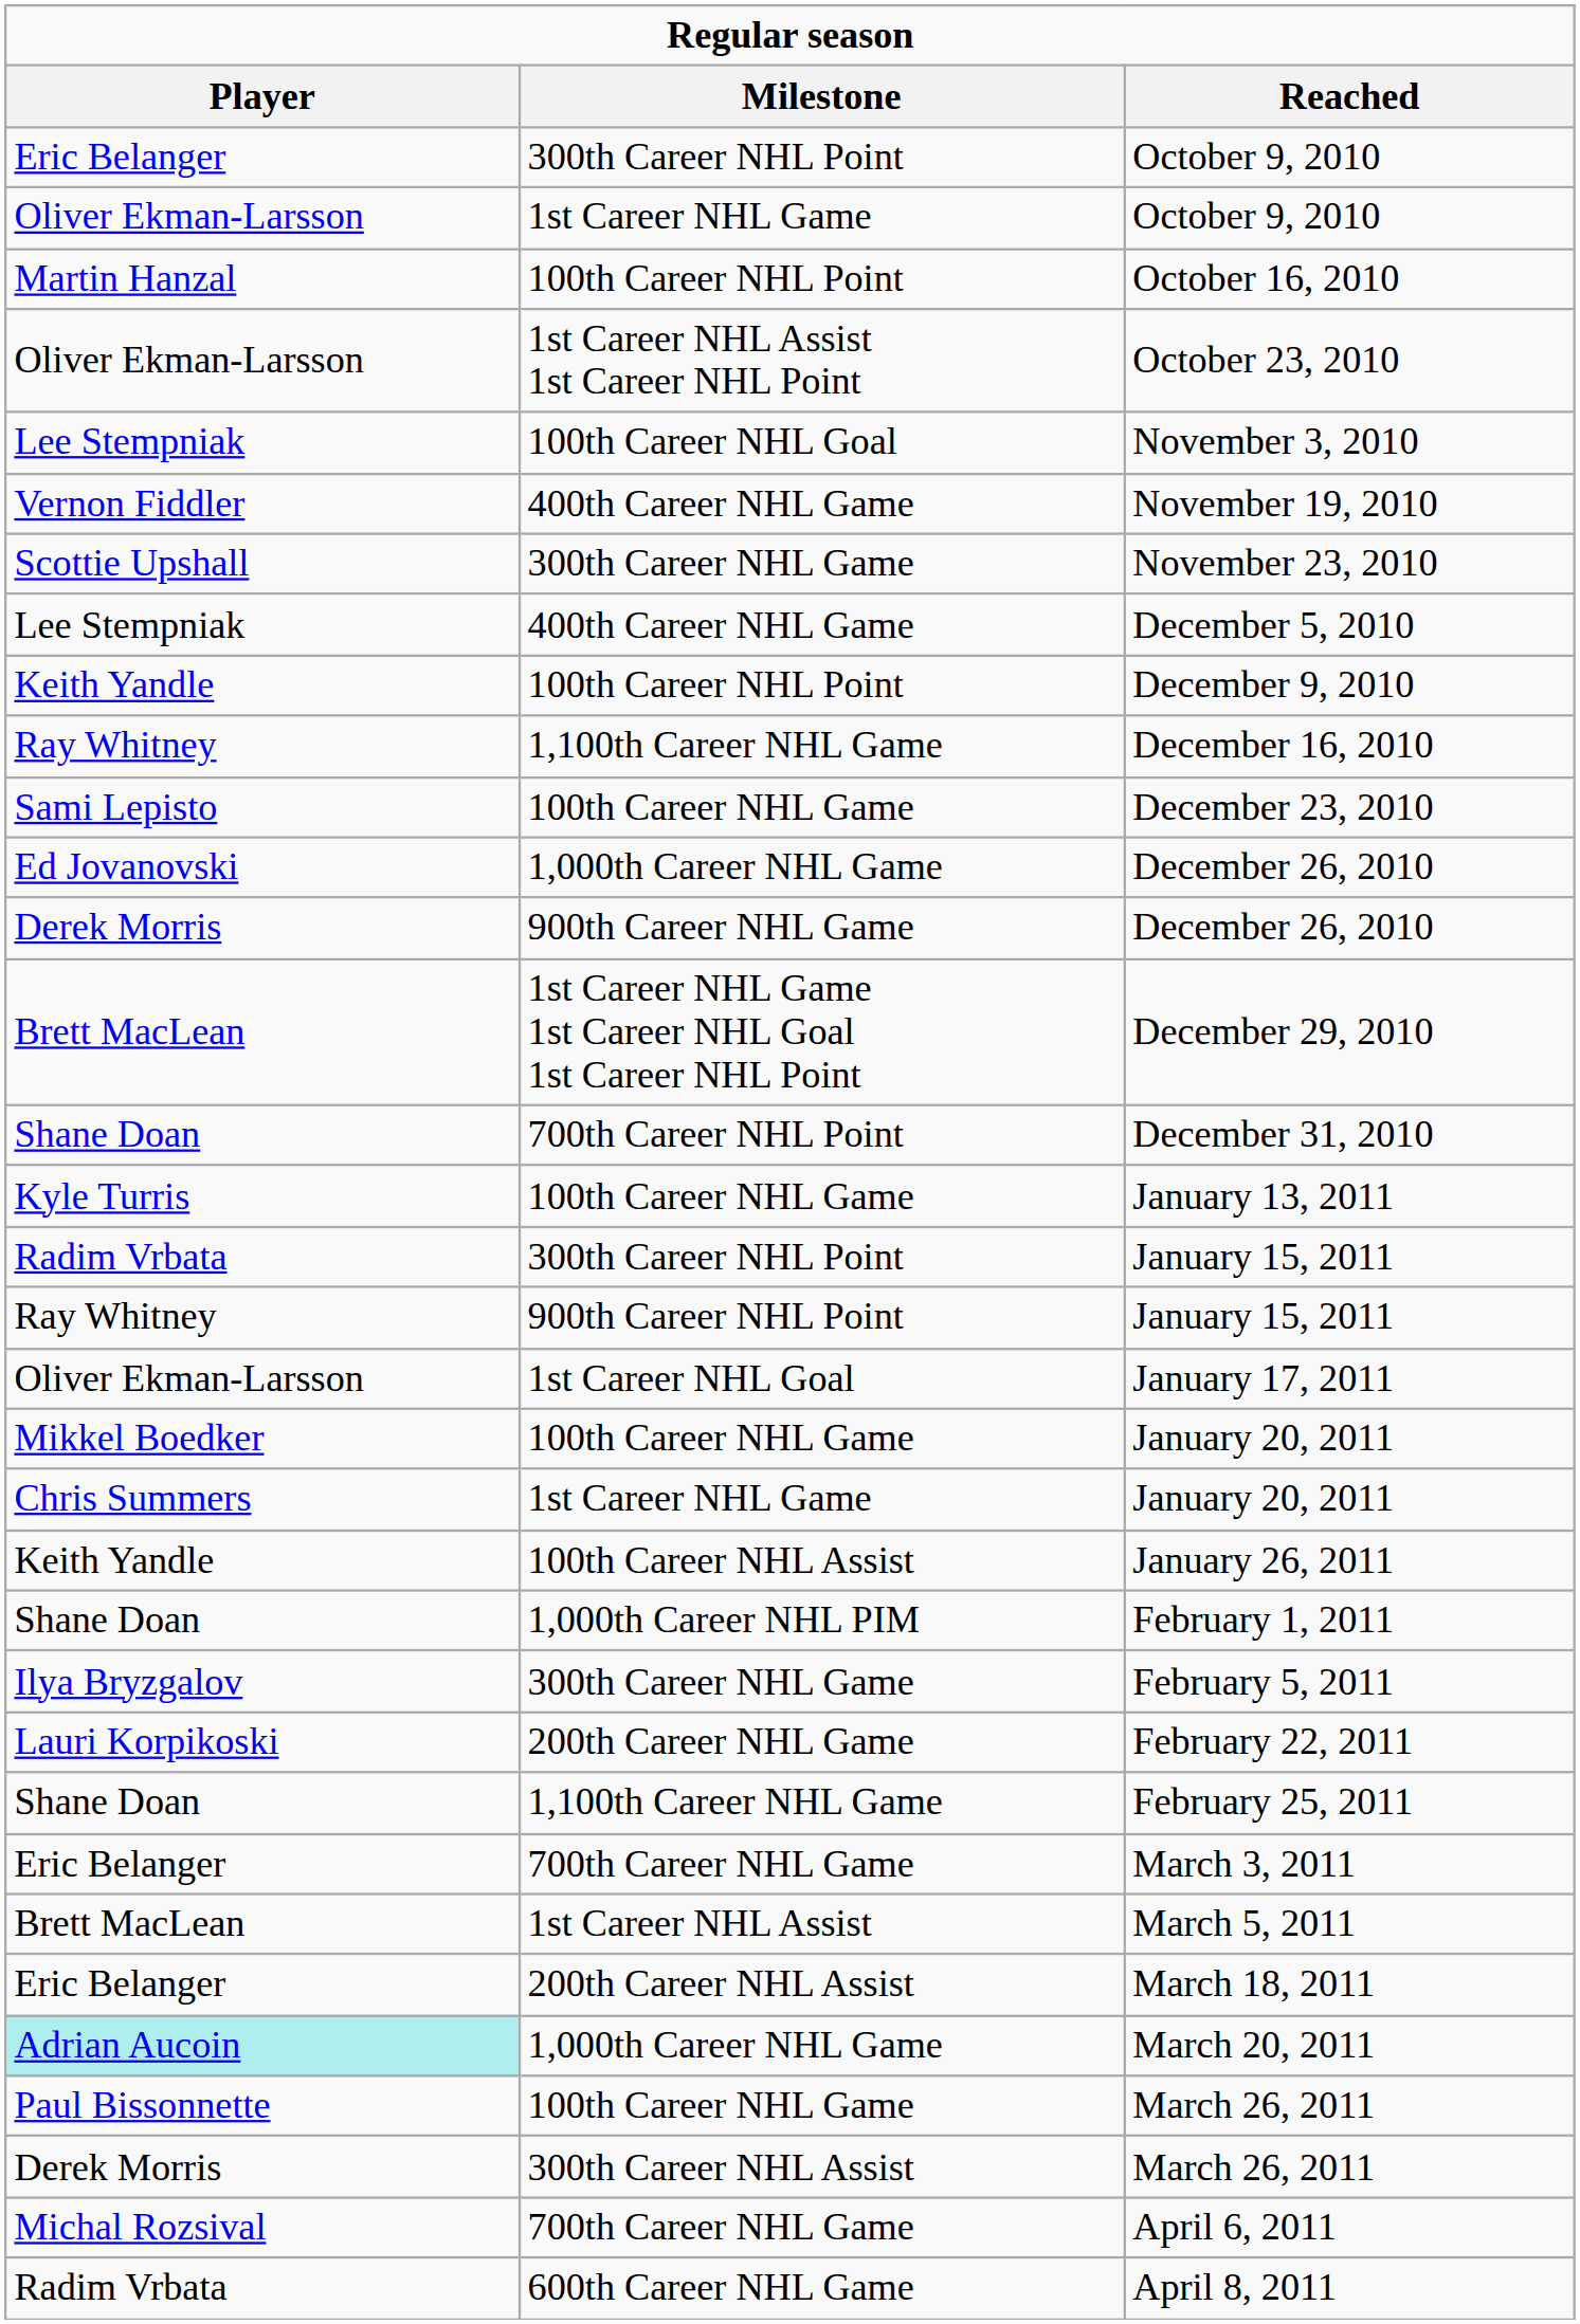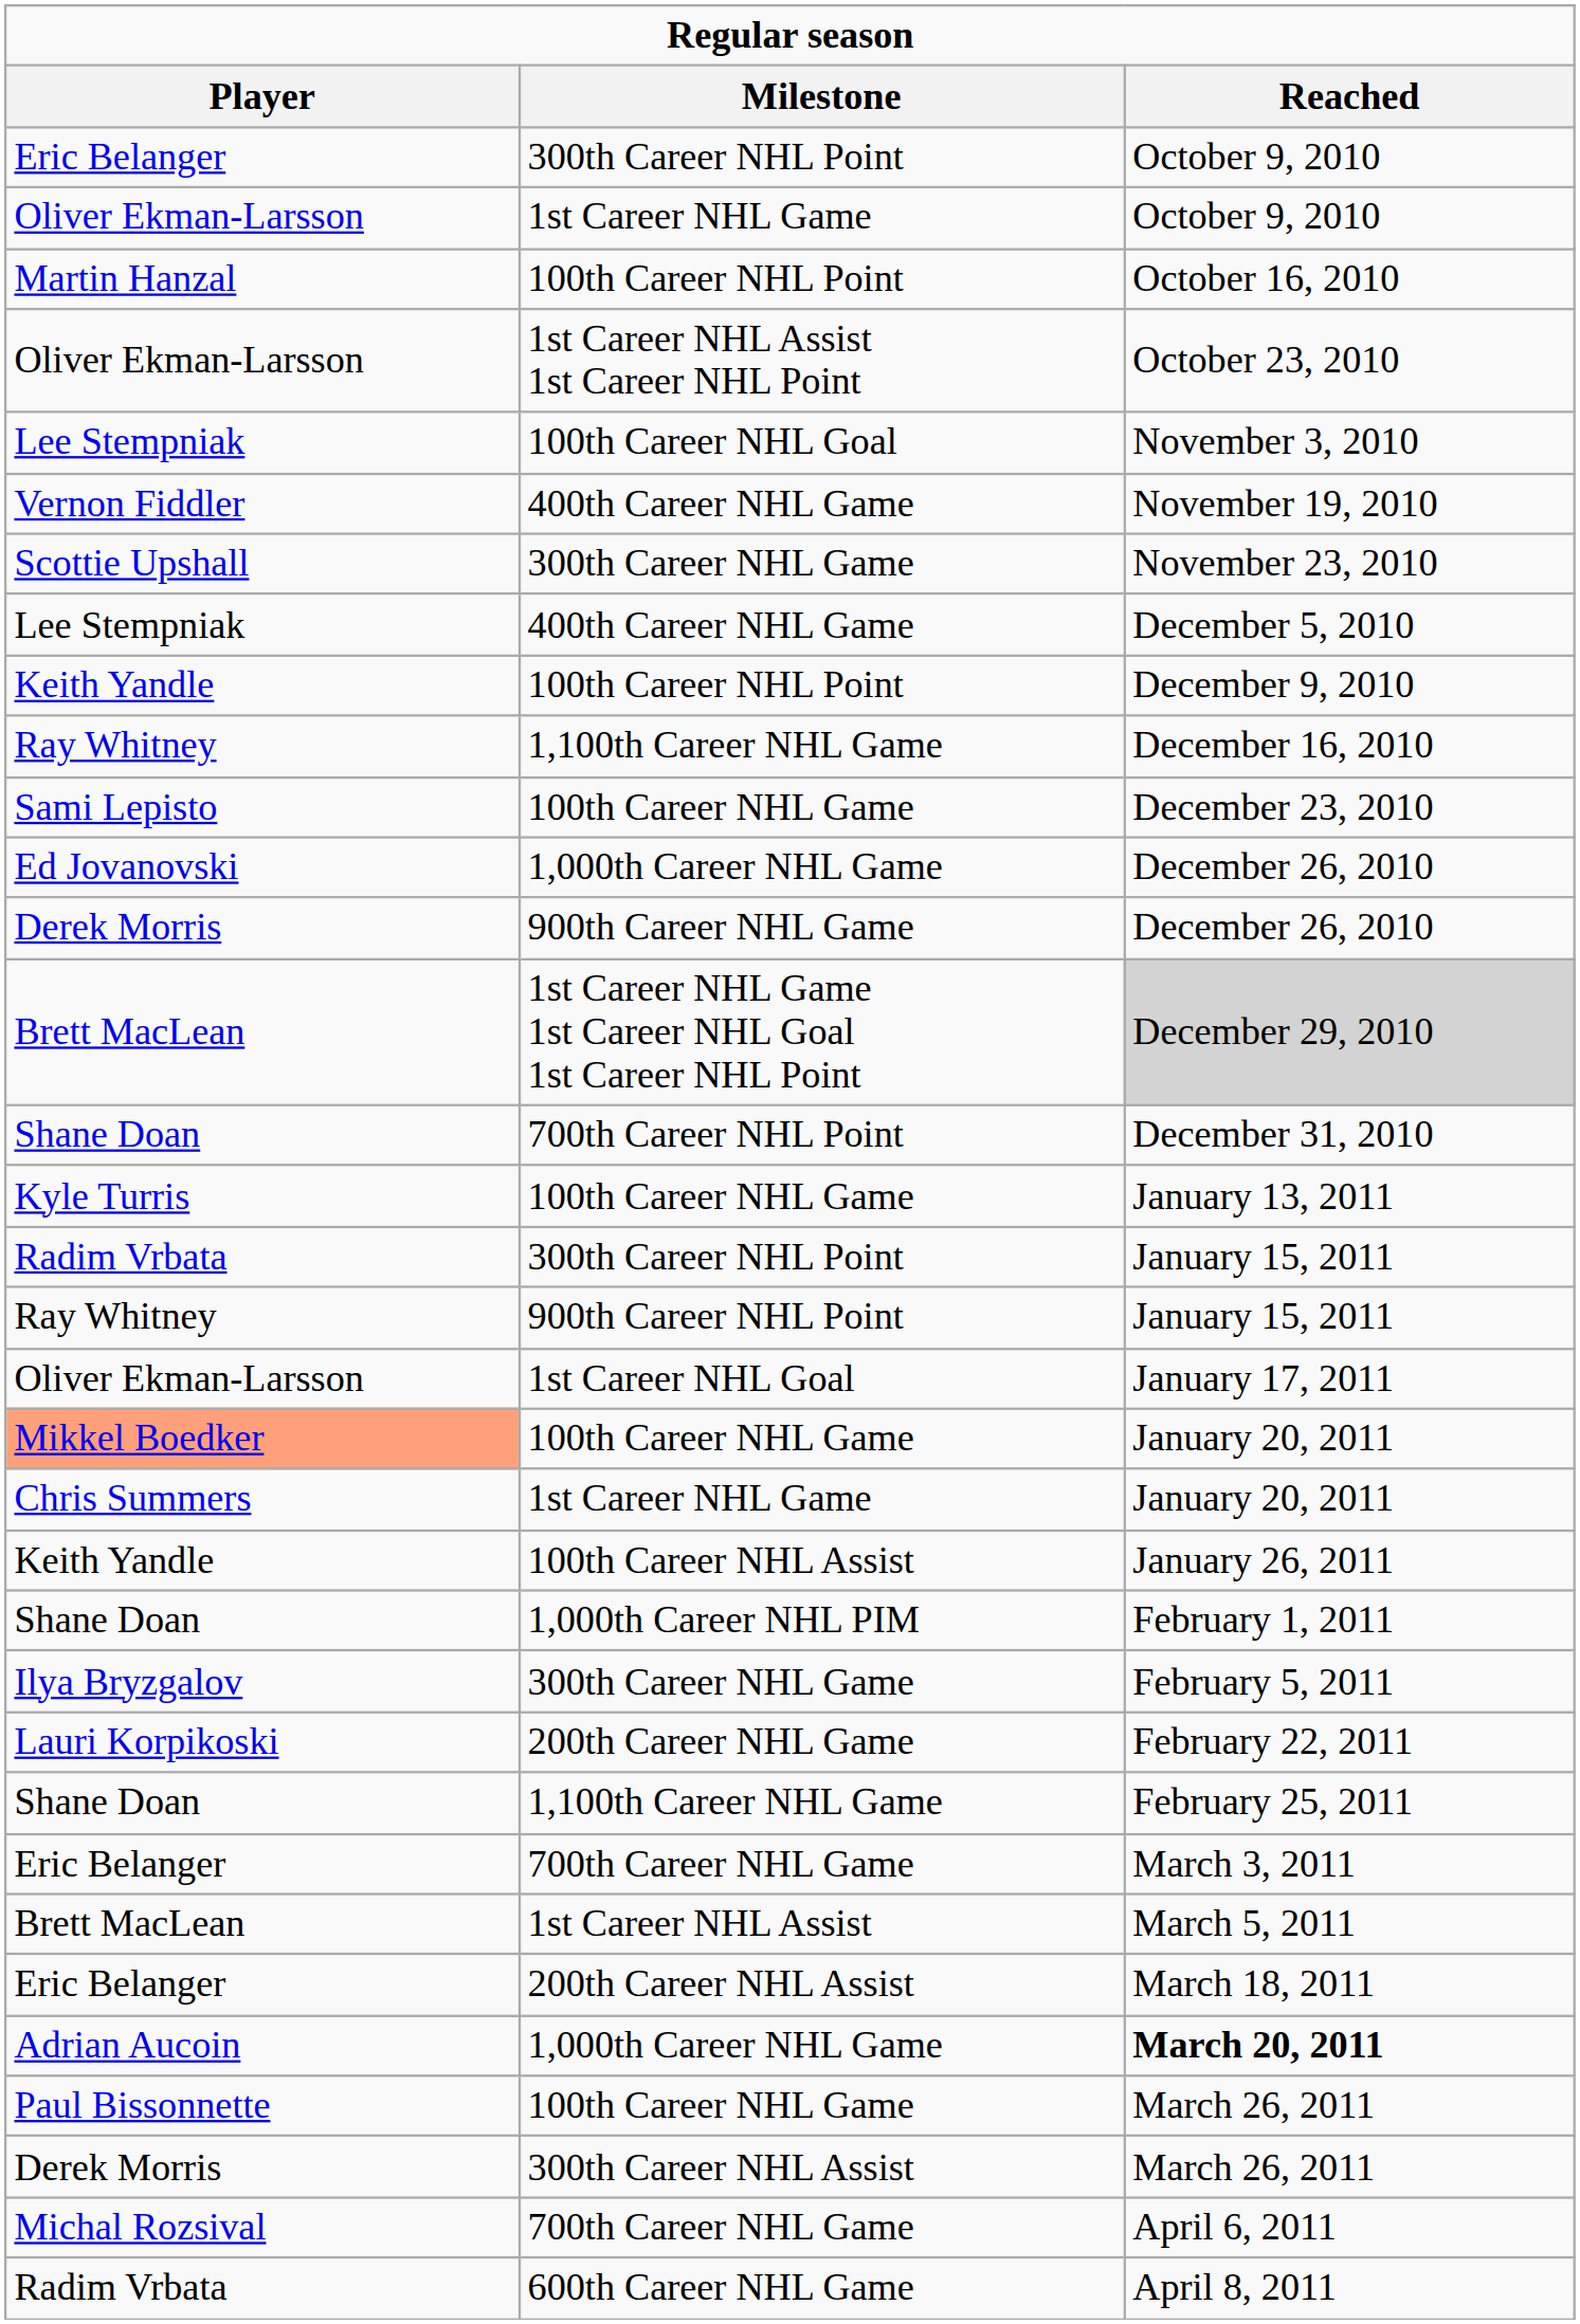 <table class="wikitable" width="52%">
 <tr>
 <td colspan="10" align="center"><strong>Regular season</strong></td>
 </tr>
 <tr>
 <th>Player</th>
 <th>Milestone</th>
 <th>Reached</th>
 </tr>
 <tr>
 <td><a href='#'>Eric Belanger</a></td>
 <td>300th Career NHL Point</td>
 <td>October 9, 2010</td>
 </tr>
 <tr>
 <td><a href='#'>Oliver Ekman-Larsson</a></td>
 <td>1st Career NHL Game</td>
 <td>October 9, 2010</td>
 </tr>
 <tr>
 <td><a href='#'>Martin Hanzal</a></td>
 <td>100th Career NHL Point</td>
 <td>October 16, 2010</td>
 </tr>
 <tr>
 <td>Oliver Ekman-Larsson</td>
 <td>1st Career NHL Assist<br>1st Career NHL Point</td>
 <td>October 23, 2010</td>
 </tr>
 <tr>
 <td><a href='#'>Lee Stempniak</a></td>
 <td>100th Career NHL Goal</td>
 <td>November 3, 2010</td>
 </tr>
 <tr>
 <td><a href='#'>Vernon Fiddler</a></td>
 <td>400th Career NHL Game</td>
 <td>November 19, 2010</td>
 </tr>
 <tr>
 <td><a href='#'>Scottie Upshall</a></td>
 <td>300th Career NHL Game</td>
 <td>November 23, 2010</td>
 </tr>
 <tr>
 <td>Lee Stempniak</td>
 <td>400th Career NHL Game</td>
 <td>December 5, 2010</td>
 </tr>
 <tr>
 <td><a href='#'>Keith Yandle</a></td>
 <td>100th Career NHL Point</td>
 <td>December 9, 2010</td>
 </tr>
 <tr>
 <td><a href='#'>Ray Whitney</a></td>
 <td>1,100th Career NHL Game</td>
 <td>December 16, 2010</td>
 </tr>
 <tr>
 <td><a href='#'>Sami Lepisto</a></td>
 <td>100th Career NHL Game</td>
 <td>December 23, 2010</td>
 </tr>
 <tr>
 <td><a href='#'>Ed Jovanovski</a></td>
 <td>1,000th Career NHL Game</td>
 <td>December 26, 2010</td>
 </tr>
 <tr>
 <td><a href='#'>Derek Morris</a></td>
 <td>900th Career NHL Game</td>
 <td>December 26, 2010</td>
 </tr>
 <tr>
 <td><a href='#'>Brett MacLean</a></td>
 <td>1st Career NHL Game<br>1st Career NHL Goal<br>1st Career NHL Point</td>
-<td>December 29, 2010</td>
+<td style="background: lightgrey;">December 29, 2010</td>
 </tr>
 <tr>
 <td><a href='#'>Shane Doan</a></td>
 <td>700th Career NHL Point</td>
 <td>December 31, 2010</td>
 </tr>
 <tr>
 <td><a href='#'>Kyle Turris</a></td>
 <td>100th Career NHL Game</td>
 <td>January 13, 2011</td>
 </tr>
 <tr>
 <td><a href='#'>Radim Vrbata</a></td>
 <td>300th Career NHL Point</td>
 <td>January 15, 2011</td>
 </tr>
 <tr>
 <td>Ray Whitney</td>
 <td>900th Career NHL Point</td>
 <td>January 15, 2011</td>
 </tr>
 <tr>
 <td>Oliver Ekman-Larsson</td>
 <td>1st Career NHL Goal</td>
 <td>January 17, 2011</td>
 </tr>
 <tr>
-<td><a href='#'>Mikkel Boedker</a></td>
+<td style="background: lightsalmon;"><a href='#'>Mikkel Boedker</a></td>
 <td>100th Career NHL Game</td>
 <td>January 20, 2011</td>
 </tr>
 <tr>
 <td><a href='#'>Chris Summers</a></td>
 <td>1st Career NHL Game</td>
 <td>January 20, 2011</td>
 </tr>
 <tr>
 <td>Keith Yandle</td>
 <td>100th Career NHL Assist</td>
 <td>January 26, 2011</td>
 </tr>
 <tr>
 <td>Shane Doan</td>
 <td>1,000th Career NHL PIM</td>
 <td>February 1, 2011</td>
 </tr>
 <tr>
 <td><a href='#'>Ilya Bryzgalov</a></td>
 <td>300th Career NHL Game</td>
 <td>February 5, 2011</td>
 </tr>
 <tr>
 <td><a href='#'>Lauri Korpikoski</a></td>
 <td>200th Career NHL Game</td>
 <td>February 22, 2011</td>
 </tr>
 <tr>
 <td>Shane Doan</td>
 <td>1,100th Career NHL Game</td>
 <td>February 25, 2011</td>
 </tr>
 <tr>
 <td>Eric Belanger</td>
 <td>700th Career NHL Game</td>
 <td>March 3, 2011</td>
 </tr>
 <tr>
 <td>Brett MacLean</td>
 <td>1st Career NHL Assist</td>
 <td>March 5, 2011</td>
 </tr>
 <tr>
 <td>Eric Belanger</td>
 <td>200th Career NHL Assist</td>
 <td>March 18, 2011</td>
 </tr>
 <tr>
-<td style="background: paleturquoise;"><a href='#'>Adrian Aucoin</a></td>
+<td><a href='#'>Adrian Aucoin</a></td>
 <td>1,000th Career NHL Game</td>
-<td>March 20, 2011</td>
+<td><strong>March 20, 2011</strong></td>
 </tr>
 <tr>
 <td><a href='#'>Paul Bissonnette</a></td>
 <td>100th Career NHL Game</td>
 <td>March 26, 2011</td>
 </tr>
 <tr>
 <td>Derek Morris</td>
 <td>300th Career NHL Assist</td>
 <td>March 26, 2011</td>
 </tr>
 <tr>
 <td><a href='#'>Michal Rozsival</a></td>
 <td>700th Career NHL Game</td>
 <td>April 6, 2011</td>
 </tr>
 <tr>
 <td>Radim Vrbata</td>
 <td>600th Career NHL Game</td>
 <td>April 8, 2011</td>
 </tr>
 </table>
